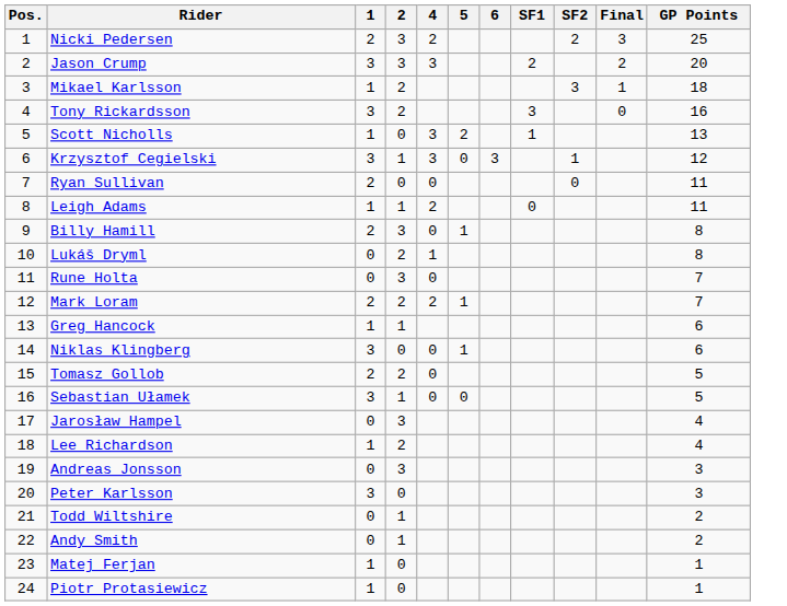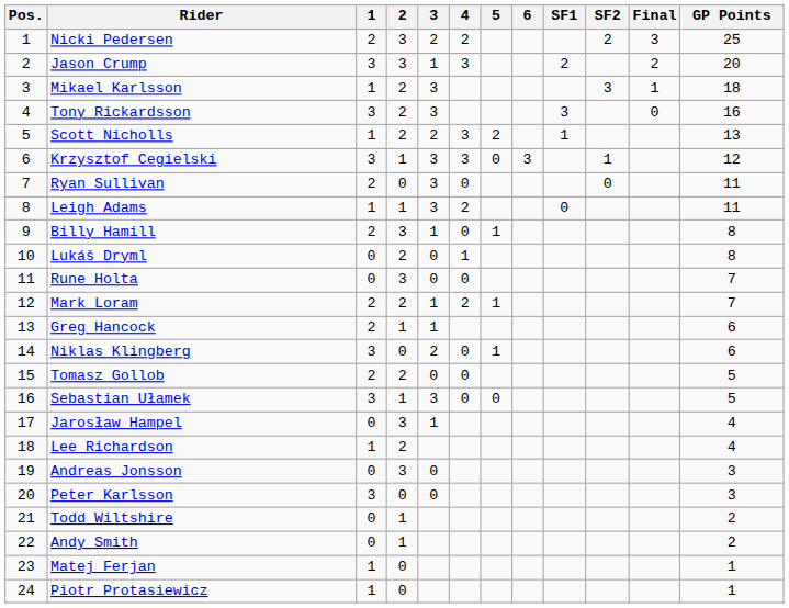 <table class=wikitable style="font-size:93%;">
 <tr>
 <th width=25px>Pos.</th>
 <th width=250px>Rider</th>
 <th width=20px>1</th>
 <th width=20px>2</th>
+<th width=20px>3</th>
 <th width=20px>4</th>
 <th width=20px>5</th>
 <th width=20px>6</th>
 <th width=30px>SF1</th>
 <th width=30px>SF2</th>
 <th width=30px>Final</th>
 <th width=80px>GP Points</th>
 </tr>
 <tr align=center style="background-color:">
 <td>1</td>
 <td align=left> <a href='#'>Nicki Pedersen</a></td>
 <td>2</td>
 <td>3</td>
 <td>2</td>
+<td>2</td>
 <td></td>
 <td></td>
 <td></td>
 <td>2</td>
 <td>3</td>
 <td>25</td>
 </tr>
 <tr align=center style="background-color:">
 <td>2</td>
 <td align=left> <a href='#'>Jason Crump</a></td>
 <td>3</td>
 <td>3</td>
+<td>1</td>
 <td>3</td>
 <td></td>
 <td></td>
 <td> 2</td>
 <td></td>
 <td>2</td>
 <td>20</td>
 </tr>
 <tr align=center style="background-color:">
 <td>3</td>
 <td align=left> <a href='#'>Mikael Karlsson</a></td>
 <td>1</td>
 <td>2</td>
+<td>3</td>
 <td></td>
 <td></td>
 <td></td>
 <td></td>
 <td>3</td>
 <td>1</td>
 <td>18</td>
 </tr>
 <tr align=center>
 <td>4</td>
 <td align=left> <a href='#'>Tony Rickardsson</a></td>
 <td>3</td>
 <td>2</td>
+<td>3</td>
 <td></td>
 <td></td>
 <td></td>
 <td>3</td>
 <td></td>
 <td>0</td>
 <td>16</td>
 </tr>
 <tr align=center>
 <td>5</td>
 <td align=left> <a href='#'>Scott Nicholls</a></td>
 <td>1</td>
-<td>0</td>
+<td>2</td>
+<td>2</td>
 <td>3</td>
 <td>2</td>
 <td></td>
 <td>1</td>
 <td></td>
 <td></td>
 <td>13</td>
 </tr>
 <tr align=center>
 <td>6</td>
 <td align=left> <a href='#'>Krzysztof Cegielski</a></td>
 <td>3</td>
 <td>1</td>
 <td>3</td>
+<td>3</td>
 <td>0</td>
 <td>3</td>
 <td></td>
 <td>1</td>
 <td></td>
 <td>12</td>
 </tr>
 <tr align=center>
 <td>7</td>
 <td align=left> <a href='#'>Ryan Sullivan</a></td>
 <td>2</td>
 <td>0</td>
+<td>3</td>
 <td>0</td>
 <td></td>
 <td></td>
 <td></td>
 <td>0</td>
 <td></td>
 <td>11</td>
 </tr>
 <tr align=center>
 <td>8</td>
 <td align=left> <a href='#'>Leigh Adams</a></td>
 <td>1</td>
 <td>1</td>
+<td>3</td>
 <td>2</td>
 <td></td>
 <td></td>
 <td>0</td>
 <td></td>
 <td></td>
 <td>11</td>
 </tr>
 <tr align=center>
 <td>9</td>
 <td align=left> <a href='#'>Billy Hamill</a></td>
 <td>2</td>
 <td>3</td>
+<td>1</td>
 <td>0</td>
 <td>1</td>
 <td></td>
 <td></td>
 <td></td>
 <td></td>
 <td>8</td>
 </tr>
 <tr align=center>
 <td>10</td>
 <td align=left> <a href='#'>Lukáš Dryml</a></td>
 <td>0</td>
 <td>2</td>
+<td>0</td>
 <td>1</td>
 <td></td>
 <td></td>
 <td></td>
 <td></td>
 <td></td>
 <td>8</td>
 </tr>
 <tr align=center>
 <td>11</td>
 <td align=left> <a href='#'>Rune Holta</a></td>
 <td>0</td>
 <td>3</td>
 <td>0</td>
+<td>0</td>
 <td></td>
 <td></td>
 <td></td>
 <td></td>
 <td></td>
 <td>7</td>
 </tr>
 <tr align=center>
 <td>12</td>
 <td align=left> <a href='#'>Mark Loram</a></td>
 <td>2</td>
 <td>2</td>
+<td>1</td>
 <td>2</td>
 <td>1</td>
 <td></td>
 <td></td>
 <td></td>
 <td></td>
 <td>7</td>
 </tr>
 <tr align=center>
 <td>13</td>
 <td align=left> <a href='#'>Greg Hancock</a></td>
+<td>2</td>
 <td>1</td>
 <td>1</td>
 <td></td>
 <td></td>
 <td></td>
 <td></td>
 <td></td>
 <td></td>
 <td>6</td>
 </tr>
 <tr align=center>
 <td>14</td>
 <td align=left> <a href='#'>Niklas Klingberg</a></td>
 <td>3</td>
 <td>0</td>
+<td>2</td>
 <td>0</td>
 <td>1</td>
 <td></td>
 <td></td>
 <td></td>
 <td></td>
 <td>6</td>
 </tr>
 <tr align=center>
 <td>15</td>
 <td align=left> <a href='#'>Tomasz Gollob</a></td>
 <td>2</td>
 <td>2</td>
 <td>0</td>
+<td>0</td>
 <td></td>
 <td></td>
 <td></td>
 <td></td>
 <td></td>
 <td>5</td>
 </tr>
 <tr align=center>
 <td>16</td>
 <td align=left> <a href='#'>Sebastian Ułamek</a></td>
 <td>3</td>
 <td>1</td>
+<td>3</td>
 <td>0</td>
 <td>0</td>
 <td></td>
 <td></td>
 <td></td>
 <td></td>
 <td>5</td>
 </tr>
 <tr align=center>
 <td>17</td>
 <td align=left> <a href='#'>Jarosław Hampel</a></td>
 <td>0</td>
 <td>3</td>
+<td>1</td>
 <td></td>
 <td></td>
 <td></td>
 <td></td>
 <td></td>
 <td></td>
 <td>4</td>
 </tr>
 <tr align=center>
 <td>18</td>
 <td align=left> <a href='#'>Lee Richardson</a></td>
 <td>1</td>
 <td>2</td>
 <td></td>
 <td></td>
 <td></td>
 <td></td>
 <td></td>
 <td></td>
+<td></td>
 <td>4</td>
 </tr>
 <tr align=center>
 <td>19</td>
 <td align=left> <a href='#'>Andreas Jonsson</a></td>
 <td>0</td>
 <td>3</td>
+<td>0</td>
 <td></td>
 <td></td>
 <td></td>
 <td></td>
 <td></td>
 <td></td>
 <td>3</td>
 </tr>
 <tr align=center>
 <td>20</td>
 <td align=left> <a href='#'>Peter Karlsson</a></td>
 <td>3</td>
+<td>0</td>
 <td>0</td>
 <td></td>
 <td></td>
 <td></td>
 <td></td>
 <td></td>
 <td></td>
 <td>3</td>
 </tr>
 <tr align=center>
 <td>21</td>
 <td align=left> <a href='#'>Todd Wiltshire</a></td>
 <td>0</td>
 <td>1</td>
 <td></td>
 <td></td>
 <td></td>
 <td></td>
 <td></td>
 <td></td>
+<td></td>
 <td>2</td>
 </tr>
 <tr align=center>
 <td>22</td>
 <td align=left> <a href='#'>Andy Smith</a></td>
 <td>0</td>
 <td>1</td>
+<td></td>
 <td></td>
 <td></td>
 <td></td>
 <td></td>
 <td></td>
 <td></td>
 <td>2</td>
 </tr>
 <tr align=center>
 <td>23</td>
 <td align=left> <a href='#'>Matej Ferjan</a></td>
 <td>1</td>
 <td>0</td>
 <td></td>
 <td></td>
 <td></td>
 <td></td>
 <td></td>
 <td></td>
+<td></td>
 <td>1</td>
 </tr>
 <tr align=center>
 <td>24</td>
 <td align=left> <a href='#'>Piotr Protasiewicz</a></td>
 <td>1</td>
 <td>0</td>
 <td></td>
 <td></td>
 <td></td>
 <td></td>
 <td></td>
 <td></td>
+<td></td>
 <td>1</td>
 </tr>
 </table>
